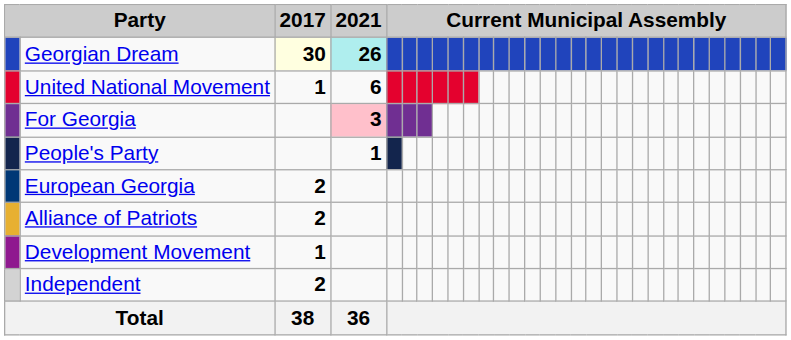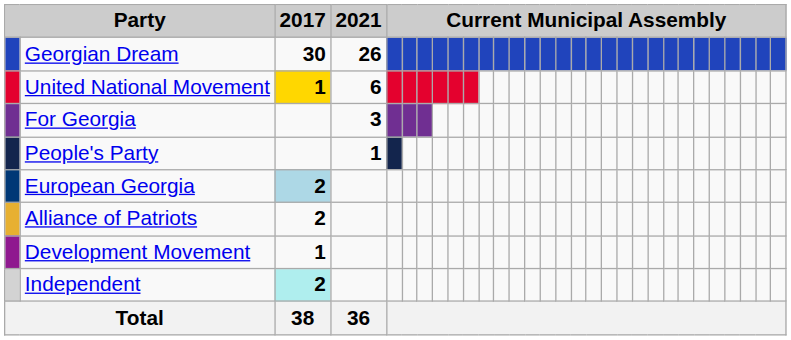 <table class="wikitable">
 <tr>
 <th style="background:#ccc" colspan="2">Party</th>
 <th style="background:#ccc">2017</th>
 <th style="background:#ccc">2021</th>
 <th style="background:#ccc" colspan="45">Current Municipal Assembly</th>
 </tr>
 <tr>
 <td style="background-color: #2044bc"> </td>
 <td><a href='#'>Georgian Dream</a></td>
-<td style="background: lightyellow; text-align: right"><strong>30</strong></td>
-<td style="background: paleturquoise; text-align: right"><strong>26</strong></td>
+<td style="text-align: right"><strong>30</strong></td>
+<td style="text-align: right"><strong>26</strong></td>
 <td style="background-color: #2044bc"></td>
 <td style="background-color: #2044bc"> </td>
 <td style="background-color: #2044bc"> </td>
 <td style="background-color: #2044bc"> </td>
 <td style="background-color: #2044bc"> </td>
 <td style="background-color: #2044bc"> </td>
 <td style="background-color: #2044bc"> </td>
 <td style="background-color: #2044bc"> </td>
 <td style="background-color: #2044bc"> </td>
 <td style="background-color: #2044bc"> </td>
 <td style="background-color: #2044bc"> </td>
 <td style="background-color: #2044bc"> </td>
 <td style="background-color: #2044bc"> </td>
 <td style="background-color: #2044bc"> </td>
 <td style="background-color: #2044bc"> </td>
 <td style="background-color: #2044bc"> </td>
 <td style="background-color: #2044bc"> </td>
 <td style="background-color: #2044bc"> </td>
 <td style="background-color: #2044bc"> </td>
 <td style="background-color: #2044bc"> </td>
 <td style="background-color: #2044bc"> </td>
 <td style="background-color: #2044bc"> </td>
 <td style="background-color: #2044bc"> </td>
 <td style="background-color: #2044bc"> </td>
 <td style="background-color: #2044bc"> </td>
 <td style="background-color: #2044bc"> </td>
 </tr>
 <tr>
 <td style="background-color: #e4012e"> </td>
 <td><a href='#'>United National Movement</a></td>
-<td style="text-align: right"><strong>1</strong></td>
+<td style="background: gold; text-align: right"><strong>1</strong></td>
 <td style="text-align: right"><strong>6</strong></td>
 <td style="background-color: #e4012e"> </td>
 <td style="background-color: #e4012e"> </td>
 <td style="background-color: #e4012e"> </td>
 <td style="background-color: #e4012e"> </td>
 <td style="background-color: #e4012e"> </td>
 <td style="background-color: #e4012e"> </td>
 <td></td>
 <td></td>
 <td></td>
 <td></td>
 <td></td>
 <td></td>
 <td></td>
 <td></td>
 <td></td>
 <td></td>
 <td></td>
 <td></td>
 <td></td>
 <td></td>
 <td></td>
 <td></td>
 <td></td>
 <td></td>
 <td></td>
 <td></td>
 </tr>
 <tr>
 <td style="background-color: #702f92"> </td>
 <td><a href='#'>For Georgia</a></td>
 <td></td>
-<td style="background: pink; text-align: right"><strong>3</strong></td>
+<td style="text-align: right"><strong>3</strong></td>
 <td style="background-color: #702f92"> </td>
 <td style="background-color: #702f92"> </td>
 <td style="background-color: #702f92"> </td>
 <td></td>
 <td></td>
 <td></td>
 <td></td>
 <td></td>
 <td></td>
 <td></td>
 <td></td>
 <td></td>
 <td></td>
 <td></td>
 <td></td>
 <td></td>
 <td></td>
 <td></td>
 <td></td>
 <td></td>
 <td></td>
 <td></td>
 <td></td>
 <td></td>
 <td></td>
 <td></td>
 </tr>
 <tr>
 <td style="background-color: #13254d"> </td>
 <td><a href='#'>People's Party</a></td>
 <td></td>
 <td style="text-align: right"><strong>1</strong></td>
 <td style="background-color: #13254d"> </td>
 <td></td>
 <td></td>
 <td></td>
 <td></td>
 <td></td>
 <td></td>
 <td></td>
 <td></td>
 <td></td>
 <td></td>
 <td></td>
 <td></td>
 <td></td>
 <td></td>
 <td></td>
 <td></td>
 <td></td>
 <td></td>
 <td></td>
 <td></td>
 <td></td>
 <td></td>
 <td></td>
 <td></td>
 <td></td>
 </tr>
 <tr>
 <td style="background-color: #003876"> </td>
 <td><a href='#'>European Georgia</a></td>
-<td style="text-align: right"><strong>2</strong></td>
+<td style="background: lightblue; text-align: right"><strong>2</strong></td>
 <td></td>
 <td></td>
 <td></td>
 <td></td>
 <td></td>
 <td></td>
 <td></td>
 <td></td>
 <td></td>
 <td></td>
 <td></td>
 <td></td>
 <td></td>
 <td></td>
 <td></td>
 <td></td>
 <td></td>
 <td></td>
 <td></td>
 <td></td>
 <td></td>
 <td></td>
 <td></td>
 <td></td>
 <td></td>
 <td></td>
 <td></td>
 </tr>
 <tr>
 <td style="background-color: #e7b031"> </td>
 <td><a href='#'>Alliance of Patriots</a></td>
 <td style="text-align: right"><strong>2</strong></td>
 <td></td>
 <td></td>
 <td></td>
 <td></td>
 <td></td>
 <td></td>
 <td></td>
 <td></td>
 <td></td>
 <td></td>
 <td></td>
 <td></td>
 <td></td>
 <td></td>
 <td></td>
 <td></td>
 <td></td>
 <td></td>
 <td></td>
 <td></td>
 <td></td>
 <td></td>
 <td></td>
 <td></td>
 <td></td>
 <td></td>
 <td></td>
 </tr>
 <tr>
 <td style="background-color: #8f188f"> </td>
 <td><a href='#'>Development Movement</a></td>
 <td style="text-align: right"><strong>1</strong></td>
 <td></td>
 <td></td>
 <td></td>
 <td></td>
 <td></td>
 <td></td>
 <td></td>
 <td></td>
 <td></td>
 <td></td>
 <td></td>
 <td></td>
 <td></td>
 <td></td>
 <td></td>
 <td></td>
 <td></td>
 <td></td>
 <td></td>
 <td></td>
 <td></td>
 <td></td>
 <td></td>
 <td></td>
 <td></td>
 <td></td>
 <td></td>
 </tr>
 <tr>
 <td style="background-color: lightgrey"> </td>
 <td><a href='#'>Independent</a></td>
-<td style="text-align: right"><strong>2</strong></td>
+<td style="background: paleturquoise; text-align: right"><strong>2</strong></td>
 <td></td>
 <td></td>
 <td></td>
 <td></td>
 <td></td>
 <td></td>
 <td></td>
 <td></td>
 <td></td>
 <td></td>
 <td></td>
 <td></td>
 <td></td>
 <td></td>
 <td></td>
 <td></td>
 <td></td>
 <td></td>
 <td></td>
 <td></td>
 <td></td>
 <td></td>
 <td></td>
 <td></td>
 <td></td>
 <td></td>
 <td></td>
 </tr>
 <tr>
 <th colspan=2>Total</th>
 <th align=right>38</th>
 <th align=right>36</th>
 <th colspan=45> </th>
 </tr>
 </table>
